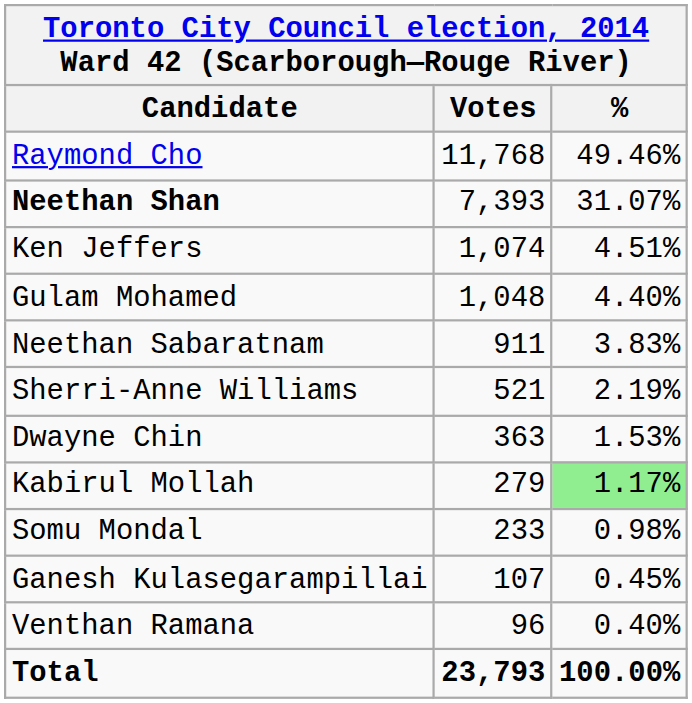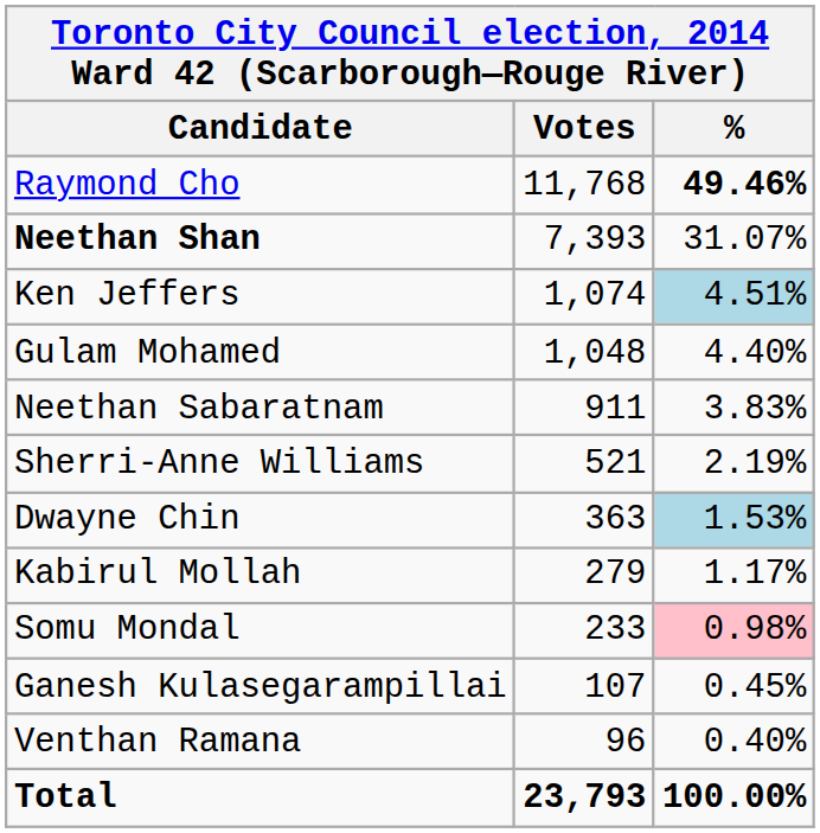 <table class="wikitable collapsible" border="1" style="text-align:right;">
 <tr>
 <th align=center colspan=3><a href='#'>Toronto City Council election, 2014</a><br>Ward 42 (Scarborough—Rouge River)</th>
 </tr>
 <tr>
 <th align=left>Candidate</th>
 <th align=left>Votes</th>
 <th align=left>%</th>
 </tr>
 <tr>
 <td align=left><a href='#'>Raymond Cho</a></td>
 <td>11,768</td>
-<td>49.46%</td>
+<td><strong>49.46%</strong></td>
 </tr>
 <tr>
 <td align=left><strong>Neethan Shan</strong></td>
 <td>7,393</td>
 <td>31.07%</td>
 </tr>
 <tr>
 <td align=left>Ken Jeffers</td>
 <td>1,074</td>
-<td>4.51%</td>
+<td style="background: lightblue;">4.51%</td>
 </tr>
 <tr>
 <td align=left>Gulam Mohamed</td>
 <td>1,048</td>
 <td>4.40%</td>
 </tr>
 <tr>
 <td align=left>Neethan Sabaratnam</td>
 <td>911</td>
 <td>3.83%</td>
 </tr>
 <tr>
 <td align=left>Sherri-Anne Williams</td>
 <td>521</td>
 <td>2.19%</td>
 </tr>
 <tr>
 <td align=left>Dwayne Chin</td>
 <td>363</td>
-<td>1.53%</td>
+<td style="background: lightblue;">1.53%</td>
 </tr>
 <tr>
 <td align=left>Kabirul Mollah</td>
 <td>279</td>
-<td style="background: lightgreen;">1.17%</td>
+<td>1.17%</td>
 </tr>
 <tr>
 <td align=left>Somu Mondal</td>
 <td>233</td>
-<td>0.98%</td>
+<td style="background: pink;">0.98%</td>
 </tr>
 <tr>
 <td align=left>Ganesh Kulasegarampillai</td>
 <td>107</td>
 <td>0.45%</td>
 </tr>
 <tr>
 <td align=left>Venthan Ramana</td>
 <td>96</td>
 <td>0.40%</td>
 </tr>
 <tr style="font-weight:bold">
 <td align=left>Total</td>
 <td>23,793</td>
 <td>100.00%</td>
 </tr>
 </table>
